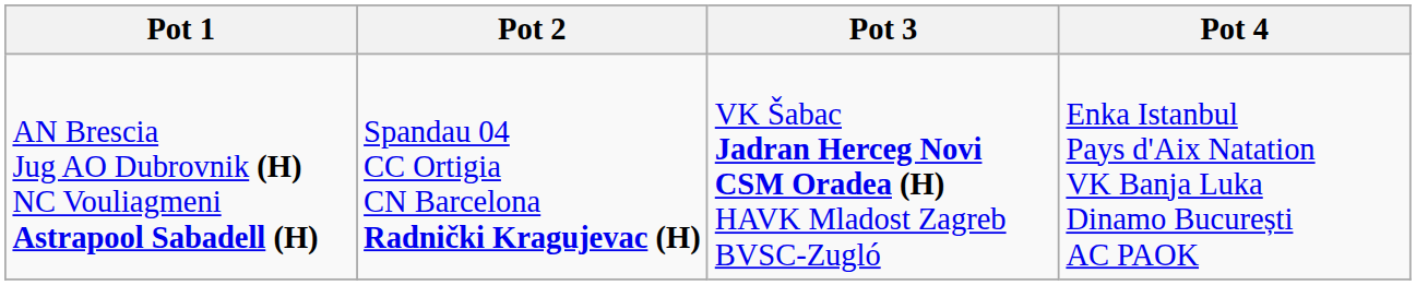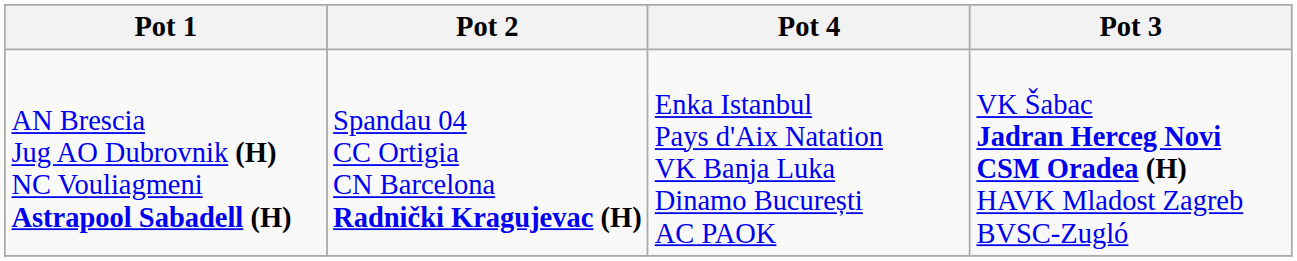 <table class="wikitable collapsible">
 <tr>
 <th width=25%>Pot 1</th>
 <th width=25%>Pot 2</th>
+<th width=25%>Pot 4</th>
 <th width=25%>Pot 3</th>
-<th width=25%>Pot 4</th>
 </tr>
 <tr>
 <td><br> <a href='#'>AN Brescia</a><br>  <a href='#'>Jug AO Dubrovnik</a> <strong>(H)</strong><br>  <a href='#'>NC Vouliagmeni</a> <br>  <strong><a href='#'>Astrapool Sabadell</a></strong> <strong>(H)</strong></td>
 <td><br> <a href='#'>Spandau 04</a><br>  <a href='#'>CC Ortigia</a><br>  <a href='#'>CN Barcelona</a><br>  <strong><a href='#'>Radnički Kragujevac</a></strong> <strong>(H)</strong></td>
+<td><br> <a href='#'>Enka Istanbul</a><br>  <a href='#'>Pays d'Aix Natation</a><br>  <a href='#'>VK Banja Luka</a><br>  <a href='#'>Dinamo București</a><br>  <a href='#'>AC PAOK</a></td>
 <td><br> <a href='#'>VK Šabac</a><br>  <strong><a href='#'>Jadran Herceg Novi</a></strong><br>  <strong><a href='#'>CSM Oradea</a></strong> <strong>(H)</strong><br>  <a href='#'>HAVK Mladost Zagreb</a><br>  <a href='#'>BVSC-Zugló</a></td>
-<td><br> <a href='#'>Enka Istanbul</a><br>  <a href='#'>Pays d'Aix Natation</a><br>  <a href='#'>VK Banja Luka</a><br>  <a href='#'>Dinamo București</a><br>  <a href='#'>AC PAOK</a></td>
 </tr>
 </table>
